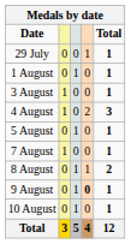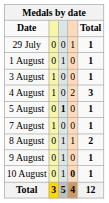 <table class="wikitable" style="font-size:85%">
 <tr bgcolor="#efefef">
 <th colspan=6>Medals by date</th>
 </tr>
 <tr align=center>
 <td><strong>Date</strong></td>
 <td bgcolor=#f7f6a8></td>
 <td bgcolor=#dce5e5></td>
 <td bgcolor=#ffdab9></td>
 <td><strong>Total</strong></td>
 </tr>
 <tr align=center>
 <td>29 July</td>
 <td style="background:#F7F6A8;">0</td>
 <td style="background:#DCE5E5;">0</td>
 <td style="background:#FFDAB9;">1</td>
 <td><strong>1</strong></td>
 </tr>
 <tr align=center>
 <td>1 August</td>
 <td style="background:#F7F6A8;">0</td>
 <td style="background:#DCE5E5;">1</td>
 <td style="background:#FFDAB9;">0</td>
 <td><strong>1</strong></td>
 </tr>
 <tr align=center>
 <td>3 August</td>
 <td style="background:#F7F6A8;">1</td>
 <td style="background:#DCE5E5;">0</td>
 <td style="background:#FFDAB9;">0</td>
 <td><strong>1</strong></td>
 </tr>
 <tr align=center>
 <td>4 August</td>
 <td style="background:#F7F6A8;">1</td>
 <td style="background:#DCE5E5;">0</td>
 <td style="background:#FFDAB9;">2</td>
 <td><strong>3</strong></td>
 </tr>
 <tr align=center>
 <td>5 August</td>
 <td style="background:#F7F6A8;">0</td>
-<td style="background:#DCE5E5;">1</td>
+<td style="background:#DCE5E5;"><strong>1</strong></td>
 <td style="background:#FFDAB9;">0</td>
 <td><strong>1</strong></td>
 </tr>
 <tr align=center>
 <td>7 August</td>
 <td style="background:#F7F6A8;">1</td>
 <td style="background:#DCE5E5;">0</td>
 <td style="background:#FFDAB9;">0</td>
 <td><strong>1</strong></td>
 </tr>
 <tr align=center>
 <td>8 August</td>
 <td style="background:#F7F6A8;">0</td>
 <td style="background:#DCE5E5;">1</td>
 <td style="background:#FFDAB9;">1</td>
 <td><strong>2</strong></td>
 </tr>
 <tr align=center>
 <td>9 August</td>
 <td style="background:#F7F6A8;">0</td>
 <td style="background:#DCE5E5;">1</td>
-<td style="background:#FFDAB9;"><strong>0</strong></td>
+<td style="background:#FFDAB9;">0</td>
 <td><strong>1</strong></td>
 </tr>
 <tr align=center>
 <td>10 August</td>
 <td style="background:#F7F6A8;">0</td>
 <td style="background:#DCE5E5;">1</td>
-<td style="background:#FFDAB9;">0</td>
+<td style="background:#FFDAB9;"><strong>0</strong></td>
 <td><strong>1</strong></td>
 </tr>
 <tr align=center>
 <th><strong>Total</strong></th>
 <th style="background:gold;"><strong>3</strong></th>
 <th style="background:silver;"><strong>5</strong></th>
 <th style="background:#c96;"><strong>4</strong></th>
 <th>12</th>
 </tr>
 </table>
